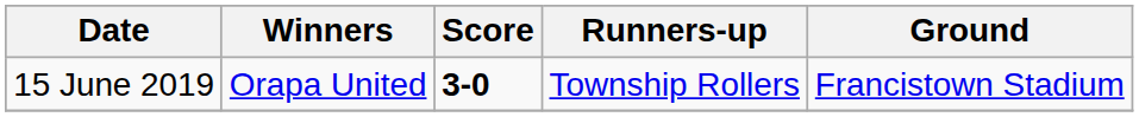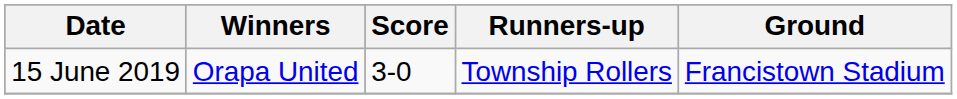 <table class="wikitable">
 <tr>
 <th>Date</th>
 <th>Winners</th>
 <th>Score</th>
 <th>Runners-up</th>
 <th>Ground</th>
 </tr>
 <tr>
 <td>15 June 2019</td>
 <td><a href='#'>Orapa United</a></td>
-<td><strong>3-0</strong></td>
+<td>3-0</td>
 <td><a href='#'>Township Rollers</a></td>
 <td><a href='#'>Francistown Stadium</a></td>
 </tr>
 <tr>
 </tr>
 </table>
